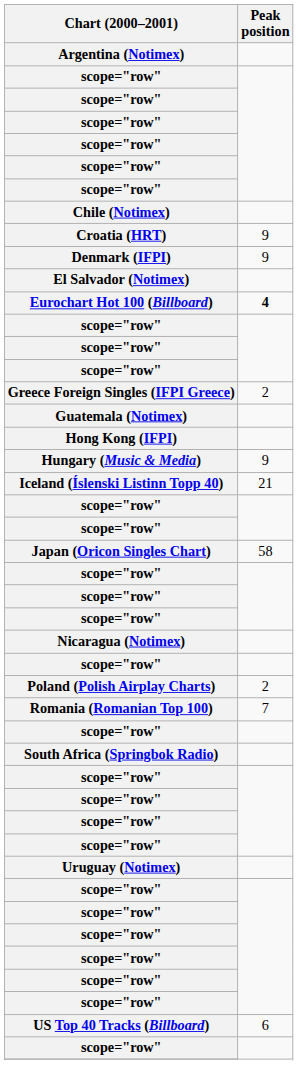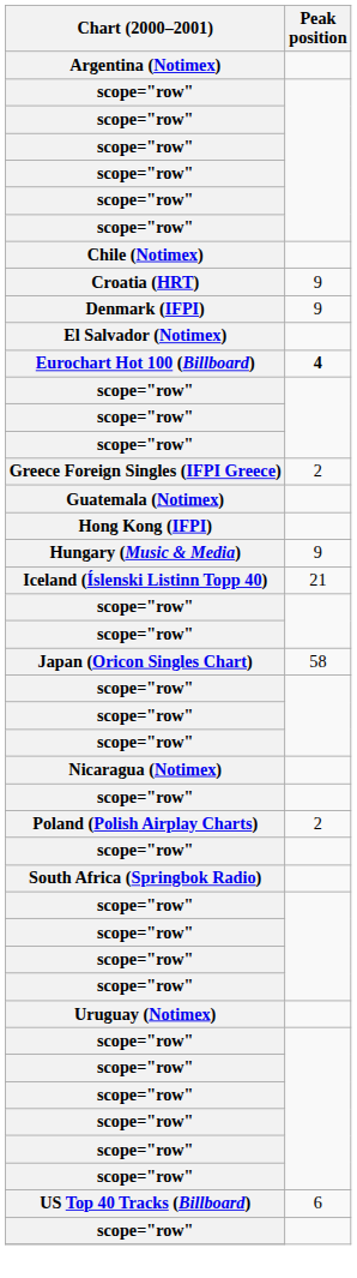 <table class="wikitable sortable plainrowheaders" style="text-align:center">
 <tr>
 <th scope="col">Chart (2000–2001)</th>
 <th scope="col">Peak<br>position</th>
 </tr>
 <tr>
 <th scope="row">Argentina (<a href='#'>Notimex</a>)</th>
 <td></td>
 </tr>
 <tr>
 <th>scope="row" </th>
 </tr>
 <tr>
 <th>scope="row" </th>
 </tr>
 <tr>
 <th>scope="row" </th>
 </tr>
 <tr>
 <th>scope="row" </th>
 </tr>
 <tr>
 <th>scope="row" </th>
 </tr>
 <tr>
 <th>scope="row" </th>
 </tr>
 <tr>
 <th scope="row">Chile (<a href='#'>Notimex</a>)</th>
 <td></td>
 </tr>
 <tr>
 <th scope="row">Croatia (<a href='#'>HRT</a>)</th>
 <td>9</td>
 </tr>
 <tr>
 <th scope="row">Denmark (<a href='#'>IFPI</a>)</th>
 <td>9</td>
 </tr>
 <tr>
 <th scope="row">El Salvador (<a href='#'>Notimex</a>)</th>
 <td></td>
 </tr>
 <tr>
 <th scope="row"><a href='#'>Eurochart Hot 100</a> (<em><a href='#'>Billboard</a></em>)</th>
 <td><strong>4</strong></td>
 </tr>
 <tr>
 <th>scope="row" </th>
 </tr>
 <tr>
 <th>scope="row" </th>
 </tr>
 <tr>
 <th>scope="row" </th>
 </tr>
 <tr>
 <th scope="row">Greece Foreign Singles (<a href='#'>IFPI Greece</a>)</th>
 <td>2</td>
 </tr>
 <tr>
 <th scope="row">Guatemala (<a href='#'>Notimex</a>)</th>
 <td></td>
 </tr>
 <tr>
 <th scope="row">Hong Kong (<a href='#'>IFPI</a>)</th>
 <td></td>
 </tr>
 <tr>
 <th scope="row">Hungary (<em><a href='#'>Music & Media</a></em>)</th>
 <td>9</td>
 </tr>
 <tr>
 <th scope="row">Iceland (<a href='#'>Íslenski Listinn Topp 40</a>)</th>
 <td>21</td>
 </tr>
 <tr>
 <th>scope="row" </th>
 </tr>
 <tr>
 <th>scope="row" </th>
 </tr>
 <tr>
 <th scope="row">Japan (<a href='#'>Oricon Singles Chart</a>)</th>
 <td>58</td>
 </tr>
 <tr>
 <th>scope="row" </th>
 </tr>
 <tr>
 <th>scope="row" </th>
 </tr>
 <tr>
 <th>scope="row" </th>
 </tr>
 <tr>
 <th scope="row">Nicaragua (<a href='#'>Notimex</a>)</th>
 <td></td>
 </tr>
 <tr>
 <th>scope="row" </th>
 </tr>
 <tr>
 <th scope="row">Poland (<a href='#'>Polish Airplay Charts</a>)</th>
 <td>2</td>
 </tr>
 <tr>
-<th scope="row">Romania (<a href='#'>Romanian Top 100</a>)</th>
-<td>7</td>
-</tr>
-<tr>
 <th>scope="row" </th>
 </tr>
 <tr>
 <th scope="row">South Africa (<a href='#'>Springbok Radio</a>)</th>
 <td></td>
 </tr>
 <tr>
 <th>scope="row" </th>
 </tr>
 <tr>
 <th>scope="row" </th>
 </tr>
 <tr>
 <th>scope="row" </th>
 </tr>
 <tr>
 <th>scope="row" </th>
 </tr>
 <tr>
 <th scope="row">Uruguay (<a href='#'>Notimex</a>)</th>
 <td></td>
 </tr>
 <tr>
 <th>scope="row" </th>
 </tr>
 <tr>
 <th>scope="row" </th>
 </tr>
 <tr>
 <th>scope="row" </th>
 </tr>
 <tr>
 <th>scope="row" </th>
 </tr>
 <tr>
 <th>scope="row" </th>
 </tr>
 <tr>
 <th>scope="row" </th>
 </tr>
 <tr>
 <th scope="row">US <a href='#'>Top 40 Tracks</a> (<em><a href='#'>Billboard</a></em>)</th>
 <td>6</td>
 </tr>
 <tr>
 <th>scope="row" </th>
 </tr>
 <tr>
 </tr>
 </table>
